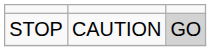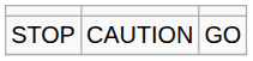 <table class="wikitable">
 <tr align="center">
 <td></td>
 <td></td>
 <td></td>
 </tr>
 <tr>
 <td>STOP</td>
 <td>CAUTION</td>
-<td style="background: lightgrey;">GO</td>
+<td>GO</td>
 </tr>
 <tr>
 </tr>
 </table>
